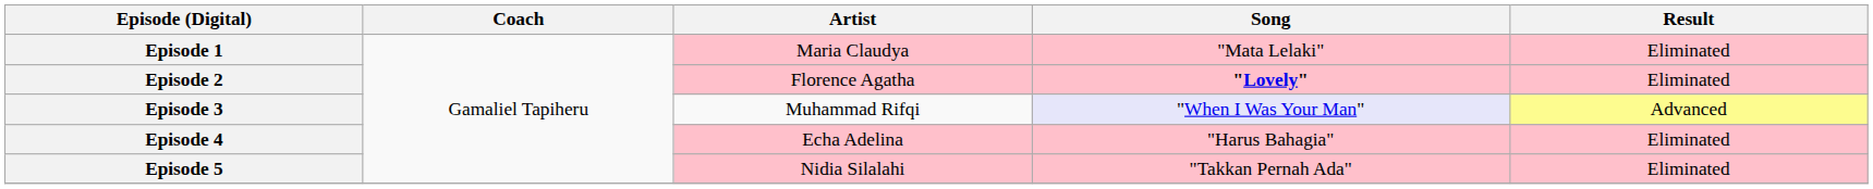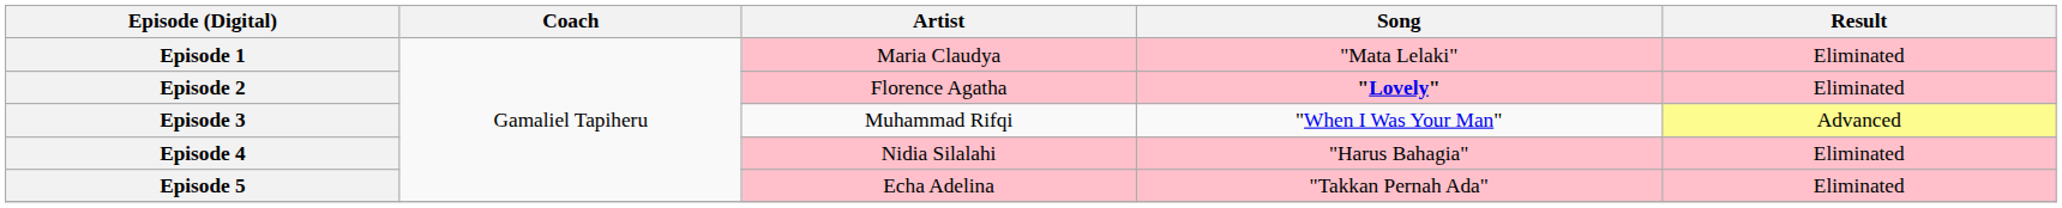 <table class="wikitable" style="text-align: center; width:100%;">
 <tr>
 <th style="width:15%;">Episode (Digital)</th>
 <th style="width:13%;">Coach</th>
 <th style="width:15%;">Artist</th>
 <th style="width:20%;">Song</th>
 <th style="width:15%;">Result</th>
 </tr>
 <tr>
 <th scope="col">Episode 1<br><small></small></th>
 <td rowspan=5>Gamaliel Tapiheru</td>
 <td style="background:pink;">Maria Claudya</td>
 <td style="background:pink;">"Mata Lelaki"</td>
 <td style="background:pink;">Eliminated</td>
 </tr>
 <tr>
 <th scope="col">Episode 2<br><small></small></th>
 <td style="background:pink;">Florence Agatha</td>
 <td style="background:pink;"><strong>"<a href='#'>Lovely</a>"</strong></td>
 <td style="background:pink;">Eliminated</td>
 </tr>
 <tr>
 <th scope="col">Episode 3<br><small></small></th>
 <td>Muhammad Rifqi</td>
-<td style="background: lavender;">"<a href='#'>When I Was Your Man</a>"</td>
+<td>"<a href='#'>When I Was Your Man</a>"</td>
 <td style="background:#fdfc8f;">Advanced</td>
 </tr>
 <tr>
 <th scope="col">Episode 4<br><small></small></th>
-<td style="background:pink;">Echa Adelina</td>
+<td style="background:pink;">Nidia Silalahi</td>
 <td style="background:pink;">"Harus Bahagia"</td>
 <td style="background:pink;">Eliminated</td>
 </tr>
 <tr>
 <th scope="col">Episode 5<br><small></small></th>
-<td style="background:pink;">Nidia Silalahi</td>
+<td style="background:pink;">Echa Adelina</td>
 <td style="background:pink;">"Takkan Pernah Ada"</td>
 <td style="background:pink;">Eliminated</td>
 </tr>
 <tr>
 </tr>
 </table>
